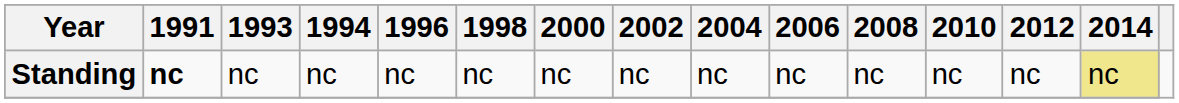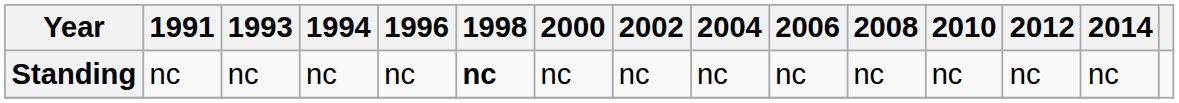 <table class="wikitable">
 <tr>
 <th>Year</th>
 <th>1991</th>
 <th>1993</th>
 <th>1994</th>
 <th>1996</th>
 <th>1998</th>
 <th>2000</th>
 <th>2002</th>
 <th>2004</th>
 <th>2006</th>
 <th>2008</th>
 <th>2010</th>
 <th>2012</th>
 <th>2014</th>
 <th></th>
 </tr>
 <tr>
 <th>Standing</th>
+<td>nc</td>
+<td>nc</td>
+<td>nc</td>
+<td>nc</td>
 <td><strong>nc</strong></td>
 <td>nc</td>
 <td>nc</td>
 <td>nc</td>
 <td>nc</td>
 <td>nc</td>
 <td>nc</td>
 <td>nc</td>
 <td>nc</td>
-<td>nc</td>
-<td>nc</td>
-<td>nc</td>
-<td style="background: khaki;">nc</td>
 </tr>
 <tr>
 </tr>
 </table>
